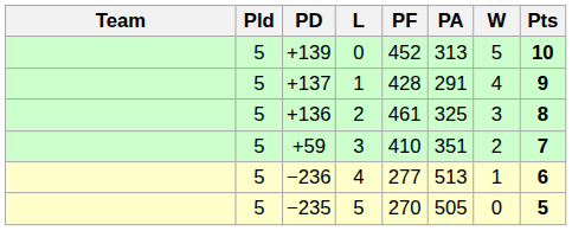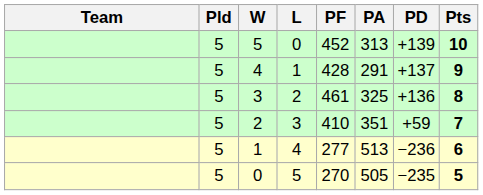 <table class=wikitable style="text-align:center">
 <tr>
 <th width=180>Team</th>
 <th width=30>Pld</th>
-<th width=30>PD</th>
+<th width=30>W</th>
 <th width=30>L</th>
 <th width=30>PF</th>
 <th width=30>PA</th>
-<th width=30>W</th>
+<th width=30>PD</th>
 <th width=30>Pts</th>
 </tr>
 <tr bgcolor="#ccffcc">
 <td align="left"></td>
 <td>5</td>
-<td>+139</td>
+<td>5</td>
 <td>0</td>
 <td>452</td>
 <td>313</td>
-<td>5</td>
+<td>+139</td>
 <td><strong>10</strong></td>
 </tr>
 <tr bgcolor="#ccffcc">
 <td align="left"></td>
 <td>5</td>
-<td>+137</td>
+<td>4</td>
 <td>1</td>
 <td>428</td>
 <td>291</td>
-<td>4</td>
+<td>+137</td>
 <td><strong>9</strong></td>
 </tr>
 <tr bgcolor="#ccffcc">
 <td align="left"></td>
 <td>5</td>
-<td>+136</td>
+<td>3</td>
 <td>2</td>
 <td>461</td>
 <td>325</td>
-<td>3</td>
+<td>+136</td>
 <td><strong>8</strong></td>
 </tr>
 <tr bgcolor="#ccffcc">
 <td align="left"></td>
 <td>5</td>
-<td>+59</td>
+<td>2</td>
 <td>3</td>
 <td>410</td>
 <td>351</td>
-<td>2</td>
+<td>+59</td>
 <td><strong>7</strong></td>
 </tr>
 <tr bgcolor="#ffffcc">
 <td align="left"></td>
 <td>5</td>
-<td>−236</td>
+<td>1</td>
 <td>4</td>
 <td>277</td>
 <td>513</td>
-<td>1</td>
+<td>−236</td>
 <td><strong>6</strong></td>
 </tr>
 <tr bgcolor="#ffffcc">
 <td align="left"></td>
 <td>5</td>
-<td>−235</td>
+<td>0</td>
 <td>5</td>
 <td>270</td>
 <td>505</td>
-<td>0</td>
+<td>−235</td>
 <td><strong>5</strong></td>
 </tr>
 </table>
